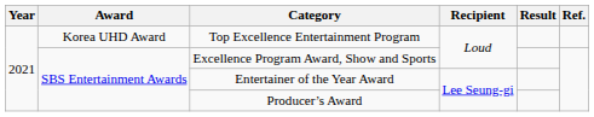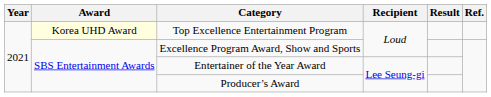 <table class="wikitable sortable" style="text-align:center;">
 <tr>
 <th>Year</th>
 <th>Award</th>
 <th>Category</th>
 <th>Recipient</th>
 <th>Result</th>
 <th>Ref.</th>
 </tr>
 <tr>
 <td rowspan="4">2021</td>
-<td>Korea UHD Award</td>
+<td style="background: lightyellow;">Korea UHD Award</td>
 <td>Top Excellence Entertainment Program</td>
 <td rowspan="2"><em>Loud</em></td>
 <td></td>
 <td style="text-align:center"></td>
 </tr>
 <tr>
 <td rowspan="3"><a href='#'>SBS Entertainment Awards</a></td>
 <td>Excellence Program Award, Show and Sports</td>
 <td></td>
 <td rowspan="3" style="text-align:center"></td>
 </tr>
 <tr>
 <td>Entertainer of the Year Award</td>
 <td rowspan="2"><a href='#'>Lee Seung-gi</a></td>
 <td></td>
 </tr>
 <tr>
 <td>Producer’s Award</td>
 <td></td>
 </tr>
 </table>
